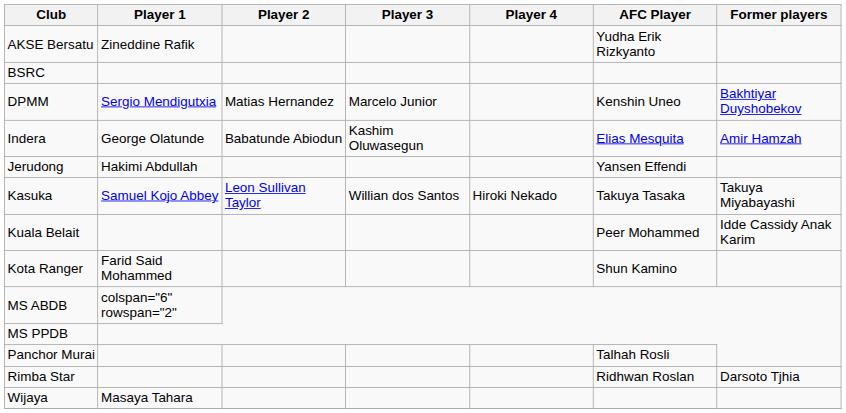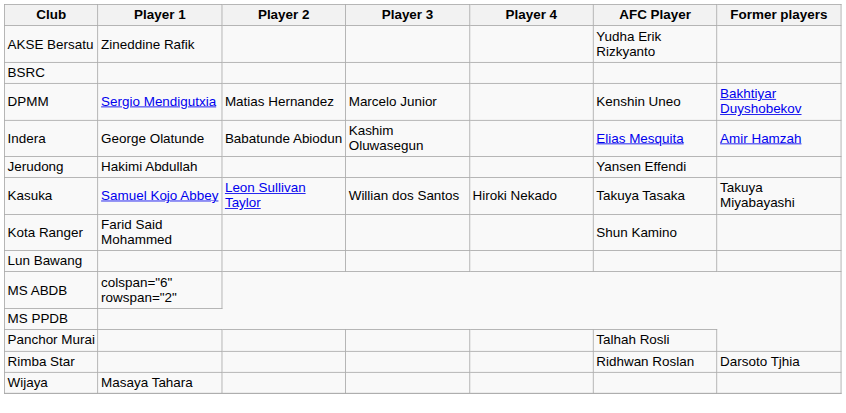 <table class="wikitable sortable">
 <tr>
 <th>Club</th>
 <th width=140>Player 1</th>
 <th width=140>Player 2</th>
 <th width=140>Player 3</th>
 <th width=140>Player 4</th>
 <th width=140>AFC Player</th>
 <th width=140>Former players</th>
 </tr>
 <tr>
 <td>AKSE Bersatu</td>
 <td> Zineddine Rafik</td>
 <td></td>
 <td></td>
 <td></td>
 <td> Yudha Erik Rizkyanto</td>
 <td></td>
 </tr>
 <tr>
 <td>BSRC</td>
 <td></td>
 <td></td>
 <td></td>
 <td></td>
 <td></td>
 <td></td>
 </tr>
 <tr>
 <td>DPMM</td>
 <td> <a href='#'>Sergio Mendigutxia</a></td>
 <td> Matias Hernandez</td>
 <td> Marcelo Junior</td>
 <td></td>
 <td> Kenshin Uneo</td>
 <td> <a href='#'>Bakhtiyar Duyshobekov</a></td>
 </tr>
 <tr>
 <td>Indera</td>
 <td> George Olatunde</td>
 <td> Babatunde Abiodun</td>
 <td> Kashim Oluwasegun</td>
 <td></td>
 <td> <a href='#'>Elias Mesquita</a></td>
 <td> <a href='#'>Amir Hamzah</a></td>
 </tr>
 <tr>
 <td>Jerudong</td>
 <td> Hakimi Abdullah</td>
 <td></td>
 <td></td>
 <td></td>
 <td> Yansen Effendi</td>
 <td></td>
 </tr>
 <tr>
 <td>Kasuka</td>
 <td> <a href='#'>Samuel Kojo Abbey</a></td>
 <td> <a href='#'>Leon Sullivan Taylor</a></td>
 <td> Willian dos Santos</td>
 <td> Hiroki Nekado</td>
 <td> Takuya Tasaka</td>
 <td> Takuya Miyabayashi</td>
 </tr>
 <tr>
-<td>Kuala Belait</td>
-<td></td>
-<td></td>
-<td></td>
-<td></td>
-<td> Peer Mohammed</td>
-<td> Idde Cassidy Anak Karim</td>
-</tr>
-<tr>
 <td>Kota Ranger</td>
 <td> Farid Said Mohammed</td>
 <td></td>
 <td></td>
 <td></td>
 <td> Shun Kamino</td>
+<td></td>
+</tr>
+<tr>
+<td>Lun Bawang</td>
+<td></td>
+<td></td>
+<td></td>
+<td></td>
+<td></td>
 <td></td>
 </tr>
 <tr>
 <td>MS ABDB</td>
 <td>colspan="6" rowspan="2" </td>
 </tr>
 <tr>
 <td>MS PPDB</td>
 </tr>
 <tr>
 <td>Panchor Murai</td>
 <td></td>
 <td></td>
 <td></td>
 <td></td>
 <td> Talhah Rosli</td>
 </tr>
 <tr>
 <td>Rimba Star</td>
 <td></td>
 <td></td>
 <td></td>
 <td></td>
 <td> Ridhwan Roslan</td>
 <td> Darsoto Tjhia</td>
 </tr>
 <tr>
 <td>Wijaya</td>
 <td> Masaya Tahara</td>
 <td></td>
 <td></td>
 <td></td>
 <td></td>
 <td></td>
 </tr>
 <tr>
 </tr>
 </table>
